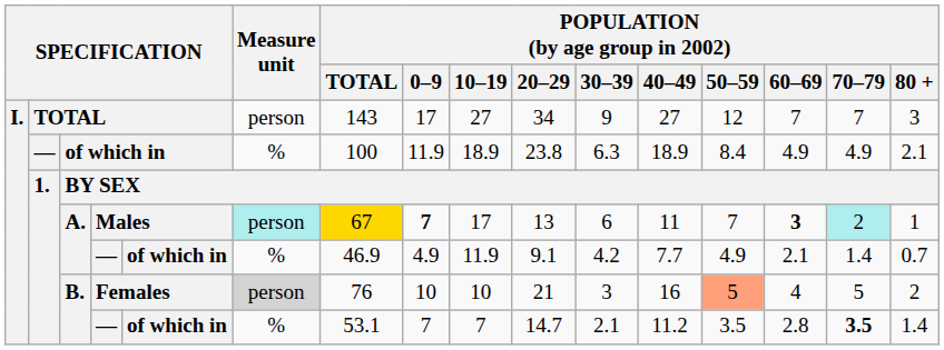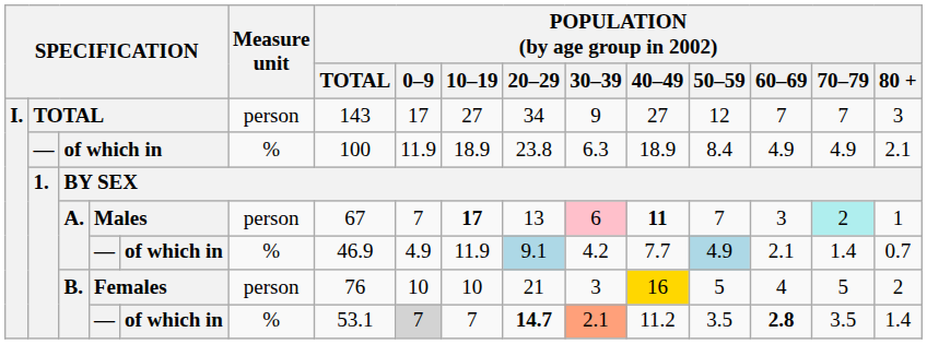 <table class="wikitable" style="font-size:85%; text-align:center">
 <tr>
 <th rowspan="2" colspan="5">SPECIFICATION</th>
 <th rowspan="2">Measure<br> unit</th>
 <th colspan="10" rowspan="1">POPULATION<br> (by age group in 2002)</th>
 </tr>
 <tr>
 <th>TOTAL</th>
 <th>0–9</th>
 <th>10–19</th>
 <th>20–29</th>
 <th>30–39</th>
 <th>40–49</th>
 <th>50–59</th>
 <th>60–69</th>
 <th>70–79</th>
 <th>80 +</th>
 </tr>
 <tr>
 <th style="text-align:left" valign="top" rowspan="7">I.</th>
 <th style="text-align:left" colspan="4">TOTAL</th>
 <td>person</td>
 <td>143</td>
 <td>17</td>
 <td>27</td>
 <td>34</td>
 <td>9</td>
 <td>27</td>
 <td>12</td>
 <td>7</td>
 <td>7</td>
 <td>3</td>
 </tr>
 <tr>
 <th style="text-align:left" valign="top">—</th>
 <th style="text-align:left" colspan="3">of which in</th>
 <td>%</td>
 <td>100</td>
 <td>11.9</td>
 <td>18.9</td>
 <td>23.8</td>
 <td>6.3</td>
 <td>18.9</td>
 <td>8.4</td>
 <td>4.9</td>
 <td>4.9</td>
 <td>2.1</td>
 </tr>
 <tr>
 <th style="text-align:left" valign="top" rowspan="5">1.</th>
 <th style="text-align:left" colspan="14">BY SEX</th>
 </tr>
 <tr>
 <th style="text-align:left" valign="top" rowspan="2">A.</th>
 <th style="text-align:left" colspan="2">Males</th>
-<td style="background: paleturquoise;">person</td>
-<td style="background: gold;">67</td>
-<td><strong>7</strong></td>
-<td>17</td>
+<td>person</td>
+<td>67</td>
+<td>7</td>
+<td><strong>17</strong></td>
 <td>13</td>
-<td>6</td>
-<td>11</td>
+<td style="background: pink;">6</td>
+<td><strong>11</strong></td>
 <td>7</td>
-<td><strong>3</strong></td>
+<td>3</td>
 <td style="background: paleturquoise;">2</td>
 <td>1</td>
 </tr>
 <tr>
 <th style="text-align:left" valign="top">—</th>
 <th style="text-align:left" colspan="1">of which in</th>
 <td>%</td>
 <td>46.9</td>
 <td>4.9</td>
 <td>11.9</td>
-<td>9.1</td>
+<td style="background: lightblue;">9.1</td>
 <td>4.2</td>
 <td>7.7</td>
-<td>4.9</td>
+<td style="background: lightblue;">4.9</td>
 <td>2.1</td>
 <td>1.4</td>
 <td>0.7</td>
 </tr>
 <tr>
 <th style="text-align:left" valign="top" rowspan="2">B.</th>
 <th style="text-align:left" colspan="2">Females</th>
-<td style="background: lightgrey;">person</td>
+<td>person</td>
 <td>76</td>
 <td>10</td>
 <td>10</td>
 <td>21</td>
 <td>3</td>
-<td>16</td>
-<td style="background: lightsalmon;">5</td>
+<td style="background: gold;">16</td>
+<td>5</td>
 <td>4</td>
 <td>5</td>
 <td>2</td>
 </tr>
 <tr>
 <th style="text-align:left" valign="top">—</th>
 <th style="text-align:left" colspan="1">of which in</th>
 <td>%</td>
 <td>53.1</td>
+<td style="background: lightgrey;">7</td>
 <td>7</td>
-<td>7</td>
-<td>14.7</td>
-<td>2.1</td>
+<td><strong>14.7</strong></td>
+<td style="background: lightsalmon;">2.1</td>
 <td>11.2</td>
 <td>3.5</td>
-<td>2.8</td>
-<td><strong>3.5</strong></td>
+<td><strong>2.8</strong></td>
+<td>3.5</td>
 <td>1.4</td>
 </tr>
 </table>
